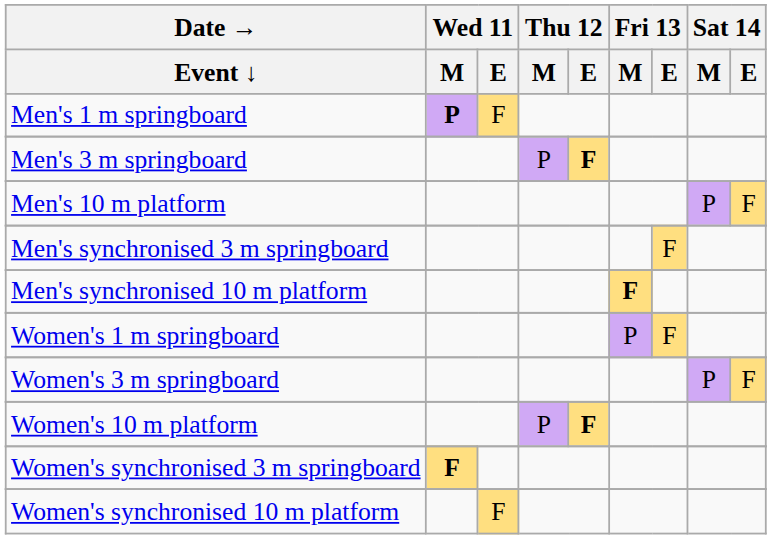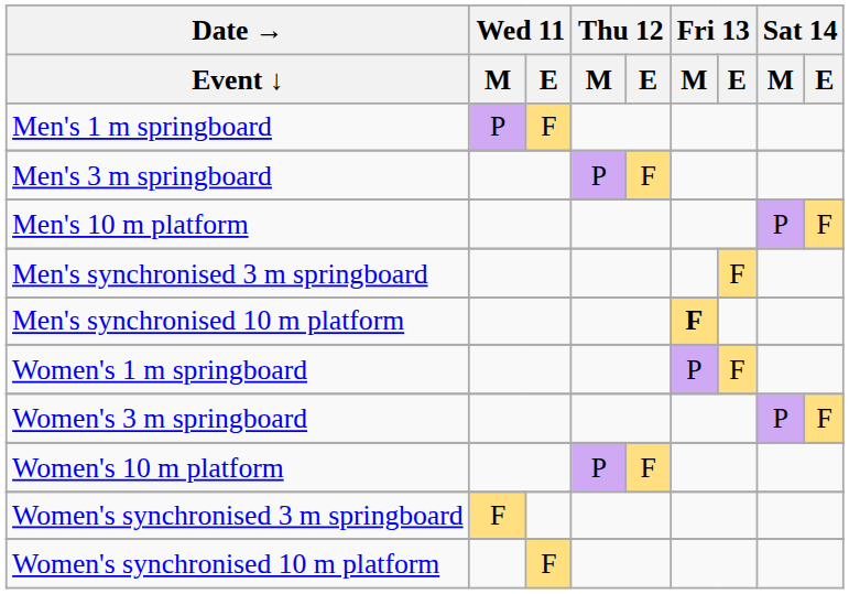 <table class="wikitable" style="margin:0.5em auto; font-size:90%; line-height:1.25em;">
 <tr style="text-align:center;">
 <th>Date →</th>
 <th colspan="2">Wed 11</th>
 <th colspan="2">Thu 12</th>
 <th colspan="2">Fri 13</th>
 <th colspan="2">Sat 14</th>
 </tr>
 <tr>
 <th>Event   ↓</th>
 <th>M</th>
 <th>E</th>
 <th>M</th>
 <th>E</th>
 <th>M</th>
 <th>E</th>
 <th>M</th>
 <th>E</th>
 </tr>
 <tr style="text-align:center;">
 <td style="text-align:left;"><a href='#'>Men's 1 m springboard</a></td>
-<td style="background-color:#D0A9F5;"><strong>P</strong></td>
+<td style="background-color:#D0A9F5;">P</td>
 <td style="background-color:#FFDF80;">F</td>
 <td colspan=2></td>
 <td colspan=2></td>
 <td colspan=2></td>
 </tr>
 <tr>
 </tr>
 <tr style="text-align:center;">
 <td style="text-align:left;"><a href='#'>Men's 3 m springboard</a></td>
 <td colspan=2></td>
 <td style="background-color:#D0A9F5;">P</td>
-<td style="background-color:#FFDF80;"><strong>F</strong></td>
+<td style="background-color:#FFDF80;">F</td>
 <td colspan=2></td>
 <td colspan=2></td>
 </tr>
 <tr>
 </tr>
 <tr style="text-align:center;">
 <td style="text-align:left;"><a href='#'>Men's 10 m platform</a></td>
 <td colspan=2></td>
 <td colspan=2></td>
 <td colspan=2></td>
 <td style="background-color:#D0A9F5;">P</td>
 <td style="background-color:#FFDF80;">F</td>
 </tr>
 <tr>
 </tr>
 <tr style="text-align:center;">
 <td style="text-align:left;"><a href='#'>Men's synchronised 3 m springboard</a></td>
 <td colspan=2></td>
 <td colspan=2></td>
 <td></td>
 <td style="background-color:#FFDF80;">F</td>
 <td colspan=2></td>
 </tr>
 <tr>
 </tr>
 <tr style="text-align:center;">
 <td style="text-align:left;"><a href='#'>Men's synchronised 10 m platform</a></td>
 <td colspan=2></td>
 <td colspan=2></td>
 <td style="background-color:#FFDF80;"><strong>F</strong></td>
 <td></td>
 <td colspan=2></td>
 </tr>
 <tr>
 </tr>
 <tr style="text-align:center;">
 <td style="text-align:left;"><a href='#'>Women's 1 m springboard</a></td>
 <td colspan=2></td>
 <td colspan=2></td>
 <td style="background-color:#D0A9F5;">P</td>
 <td style="background-color:#FFDF80;">F</td>
 <td colspan=2></td>
 </tr>
 <tr>
 </tr>
 <tr style="text-align:center;">
 <td style="text-align:left;"><a href='#'>Women's 3 m springboard</a></td>
 <td colspan=2></td>
 <td colspan=2></td>
 <td colspan=2></td>
 <td style="background-color:#D0A9F5;">P</td>
 <td style="background-color:#FFDF80;">F</td>
 </tr>
 <tr>
 </tr>
 <tr style="text-align:center;">
 <td style="text-align:left;"><a href='#'>Women's 10 m platform</a></td>
 <td colspan=2></td>
 <td style="background-color:#D0A9F5;">P</td>
-<td style="background-color:#FFDF80;"><strong>F</strong></td>
+<td style="background-color:#FFDF80;">F</td>
 <td colspan=2></td>
 <td colspan=2></td>
 </tr>
 <tr>
 </tr>
 <tr style="text-align:center;">
 <td style="text-align:left;"><a href='#'>Women's synchronised 3 m springboard</a></td>
-<td style="background-color:#FFDF80;"><strong>F</strong></td>
+<td style="background-color:#FFDF80;">F</td>
 <td></td>
 <td colspan=2></td>
 <td colspan=2></td>
 <td colspan=2></td>
 </tr>
 <tr>
 </tr>
 <tr style="text-align:center;">
 <td style="text-align:left;"><a href='#'>Women's synchronised 10 m platform</a></td>
 <td></td>
 <td style="background-color:#FFDF80;">F</td>
 <td colspan=2></td>
 <td colspan=2></td>
 <td colspan=2></td>
 </tr>
 </table>
